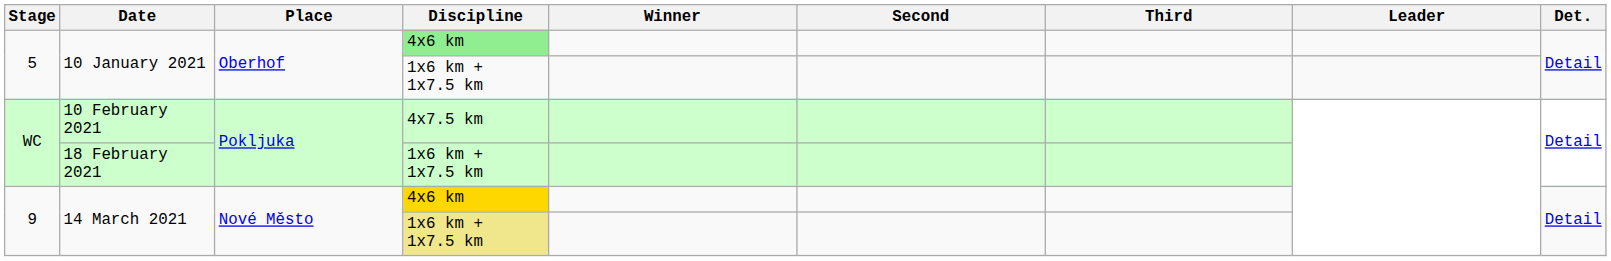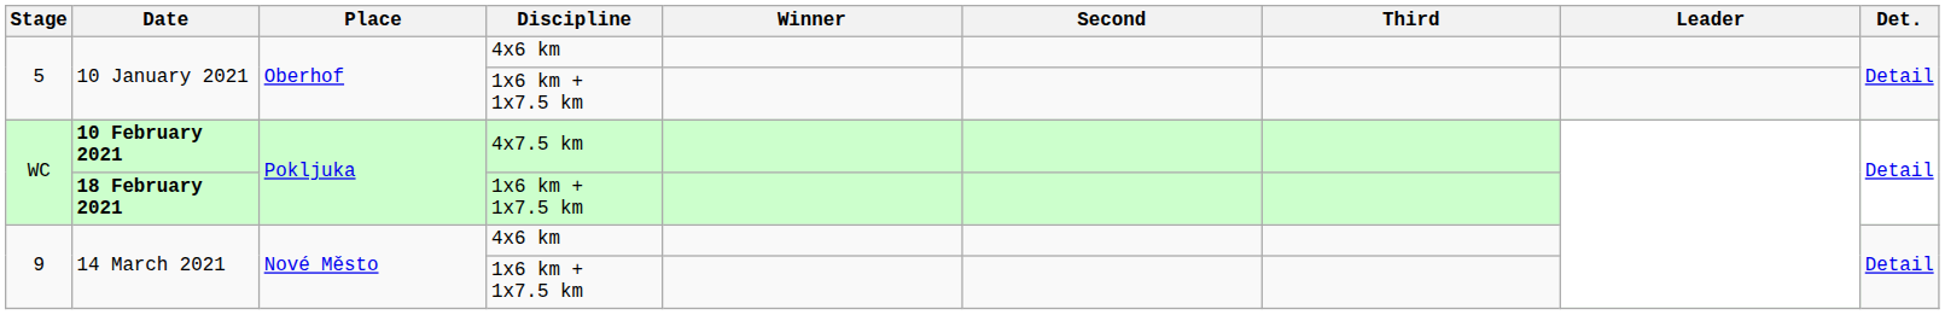 <table class="wikitable" style="font-size:95%;">
 <tr>
 <th width="10">Stage</th>
 <th width="120">Date</th>
 <th width="148">Place</th>
 <th width="110">Discipline</th>
 <th width="200">Winner</th>
 <th width="200">Second</th>
 <th width="200">Third</th>
 <th width="200">Leader <br> </th>
 <th width="10">Det.</th>
 </tr>
 <tr>
 <td rowspan="2" align=center>5</td>
 <td rowspan="2">10 January 2021</td>
 <td rowspan="2"> <a href='#'>Oberhof</a></td>
-<td style="background: lightgreen;">4x6 km</td>
+<td>4x6 km</td>
 <td></td>
 <td></td>
 <td></td>
 <td></td>
 <td rowspan="2"><a href='#'>Detail</a></td>
 </tr>
 <tr>
 <td>1x6 km + 1x7.5 km <br></td>
 <td></td>
 <td></td>
 <td></td>
 <td></td>
 </tr>
 <tr style="background:#CCFFCC">
 <td rowspan="2" align=center>WC</td>
-<td>10 February 2021</td>
+<td><strong>10 February 2021</strong></td>
 <td rowspan="2"> <a href='#'>Pokljuka</a></td>
 <td>4x7.5 km <br></td>
 <td></td>
 <td></td>
 <td></td>
 <td style="background:white" rowspan="4"></td>
 <td rowspan="2" style="background:white"><a href='#'>Detail</a></td>
 </tr>
 <tr style="background:#CCFFCC">
-<td>18 February 2021</td>
+<td><strong>18 February 2021</strong></td>
 <td>1x6 km + 1x7.5 km <br></td>
 <td></td>
 <td></td>
 <td></td>
 </tr>
 <tr>
 <td rowspan="2" align=center>9</td>
 <td rowspan="2">14 March 2021</td>
 <td rowspan="2"> <a href='#'>Nové Město</a></td>
-<td style="background: gold;">4x6 km <br></td>
+<td>4x6 km <br></td>
 <td></td>
 <td></td>
 <td></td>
 <td rowspan="2"><a href='#'>Detail</a></td>
 </tr>
 <tr>
-<td style="background: khaki;">1x6 km + 1x7.5 km <br></td>
+<td>1x6 km + 1x7.5 km <br></td>
 <td></td>
 <td></td>
 <td></td>
 </tr>
 </table>
